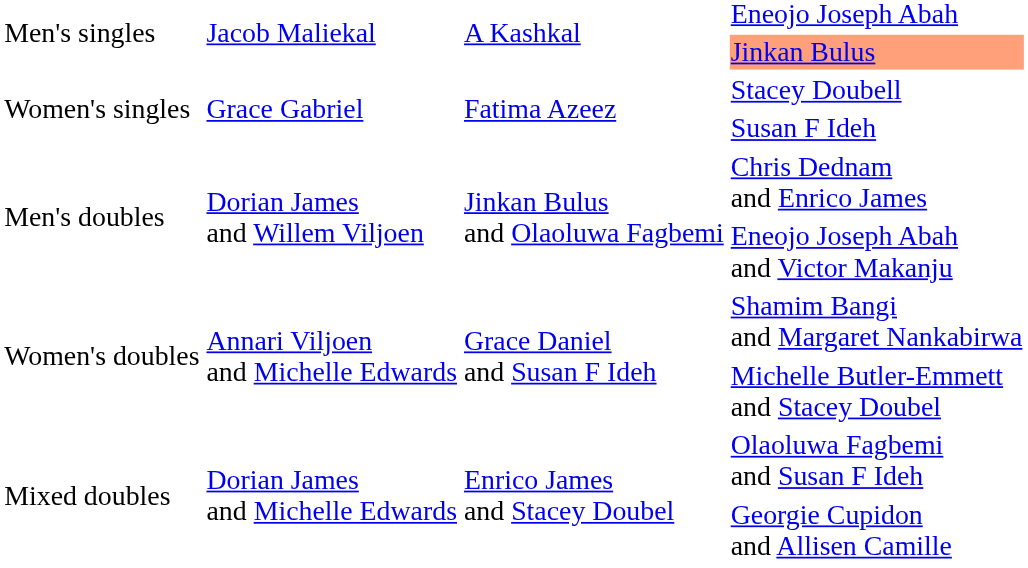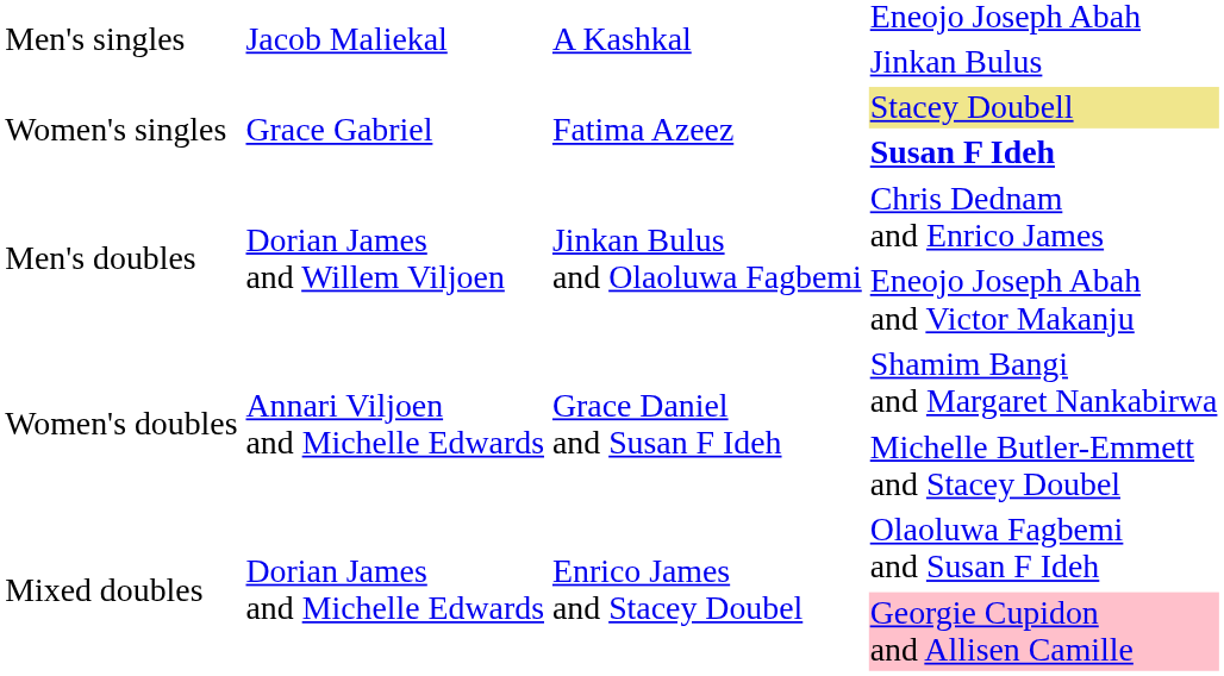 <table>
 <tr>
 <td rowspan=2>Men's singles</td>
 <td rowspan=2> <a href='#'>Jacob Maliekal</a></td>
 <td rowspan=2> <a href='#'>A Kashkal</a></td>
 <td> <a href='#'>Eneojo Joseph Abah</a></td>
 </tr>
 <tr>
-<td style="background: lightsalmon;"> <a href='#'>Jinkan Bulus</a></td>
+<td> <a href='#'>Jinkan Bulus</a></td>
 </tr>
 <tr>
 <td rowspan=2>Women's singles</td>
 <td rowspan=2> <a href='#'>Grace Gabriel</a></td>
 <td rowspan=2> <a href='#'>Fatima Azeez</a></td>
-<td> <a href='#'>Stacey Doubell</a></td>
+<td style="background: khaki;"> <a href='#'>Stacey Doubell</a></td>
 </tr>
 <tr>
-<td> <a href='#'>Susan F Ideh</a></td>
+<td><strong> <a href='#'>Susan F Ideh</a></strong></td>
 </tr>
 <tr>
 <td rowspan=2>Men's doubles</td>
 <td rowspan=2> <a href='#'>Dorian James</a><br>and <a href='#'>Willem Viljoen</a></td>
 <td rowspan=2> <a href='#'>Jinkan Bulus</a><br>and <a href='#'>Olaoluwa Fagbemi</a></td>
 <td> <a href='#'>Chris Dednam</a><br>and <a href='#'>Enrico James</a></td>
 </tr>
 <tr>
 <td> <a href='#'>Eneojo Joseph Abah</a><br>and <a href='#'>Victor Makanju</a></td>
 </tr>
 <tr>
 <td rowspan=2>Women's doubles</td>
 <td rowspan=2> <a href='#'>Annari Viljoen</a><br>and <a href='#'>Michelle Edwards</a></td>
 <td rowspan=2> <a href='#'>Grace Daniel</a><br>and <a href='#'>Susan F Ideh</a></td>
 <td> <a href='#'>Shamim Bangi</a><br>and <a href='#'>Margaret Nankabirwa</a></td>
 </tr>
 <tr>
 <td> <a href='#'>Michelle Butler-Emmett</a><br>and <a href='#'>Stacey Doubel</a></td>
 </tr>
 <tr>
 <td rowspan=2>Mixed doubles</td>
 <td rowspan=2> <a href='#'>Dorian James</a><br>and <a href='#'>Michelle Edwards</a></td>
 <td rowspan=2> <a href='#'>Enrico James</a><br>and <a href='#'>Stacey Doubel</a></td>
 <td> <a href='#'>Olaoluwa Fagbemi</a><br>and <a href='#'>Susan F Ideh</a></td>
 </tr>
 <tr>
-<td> <a href='#'>Georgie Cupidon</a><br>and <a href='#'>Allisen Camille</a></td>
+<td style="background: pink;"> <a href='#'>Georgie Cupidon</a><br>and <a href='#'>Allisen Camille</a></td>
 </tr>
 </table>
